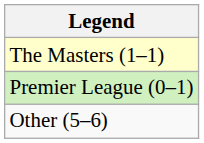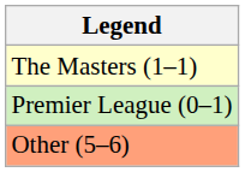 <table class="wikitable">
 <tr>
 <th>Legend</th>
 </tr>
 <tr bgcolor="ffffcc">
 <td>The Masters (1–1)</td>
 </tr>
 <tr bgcolor="d0f0c0">
 <td>Premier League (0–1)</td>
 </tr>
 <tr>
-<td>Other (5–6)</td>
+<td style="background: lightsalmon;">Other (5–6)</td>
 </tr>
 </table>
